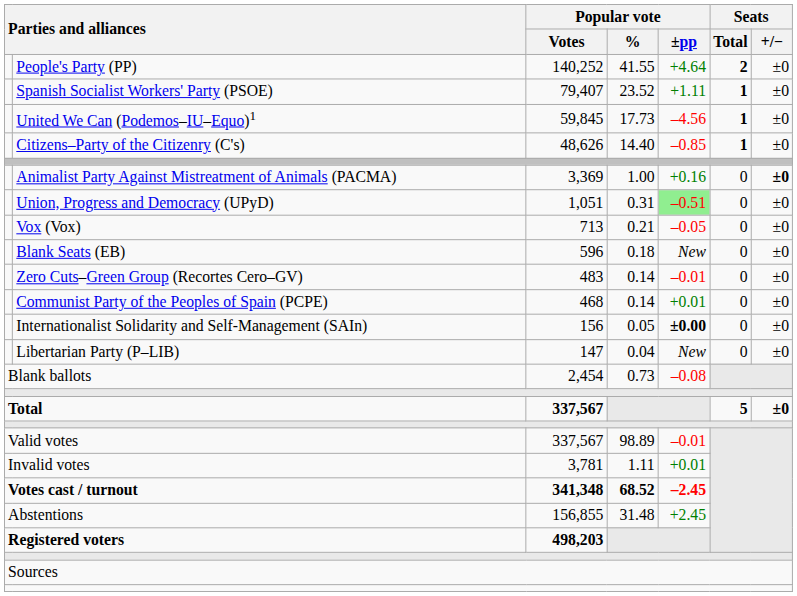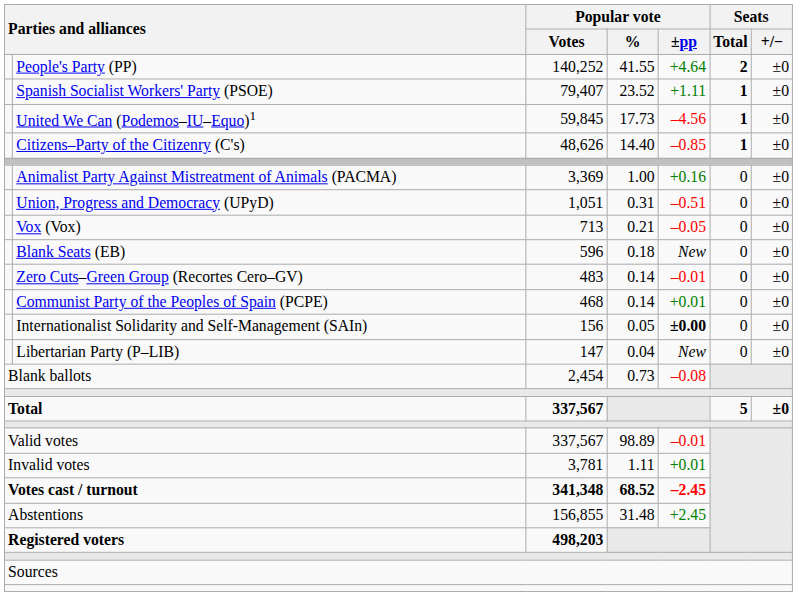 <table class="wikitable" style="text-align:right;">
 <tr>
 <th style="text-align:left;" rowspan="2" colspan="2" width="525">Parties and alliances</th>
 <th colspan="3">Popular vote</th>
 <th colspan="2">Seats</th>
 </tr>
 <tr>
 <th width="75">Votes</th>
 <th width="45">%</th>
 <th width="45">±<a href='#'>pp</a></th>
 <th width="35">Total</th>
 <th width="35">+/−</th>
 </tr>
 <tr>
 <td width="1" style="color:inherit;background:"></td>
 <td align="left"><a href='#'>People's Party</a> (PP)</td>
 <td>140,252</td>
 <td>41.55</td>
 <td style="color:green;">+4.64</td>
 <td><strong>2</strong></td>
 <td>±0</td>
 </tr>
 <tr>
 <td style="color:inherit;background:"></td>
 <td align="left"><a href='#'>Spanish Socialist Workers' Party</a> (PSOE)</td>
 <td>79,407</td>
 <td>23.52</td>
 <td style="color:green;">+1.11</td>
 <td><strong>1</strong></td>
 <td>±0</td>
 </tr>
 <tr>
 <td style="color:inherit;background:"></td>
 <td align="left"><a href='#'>United We Can</a> (<a href='#'>Podemos</a>–<a href='#'>IU</a>–<a href='#'>Equo</a>)<sup>1</sup></td>
 <td>59,845</td>
 <td>17.73</td>
 <td style="color:red;">–4.56</td>
 <td><strong>1</strong></td>
 <td>±0</td>
 </tr>
 <tr>
 <td style="color:inherit;background:"></td>
 <td align="left"><a href='#'>Citizens–Party of the Citizenry</a> (C's)</td>
 <td>48,626</td>
 <td>14.40</td>
 <td style="color:red;">–0.85</td>
 <td><strong>1</strong></td>
 <td>±0</td>
 </tr>
 <tr>
 <td colspan="7" bgcolor="#C0C0C0"></td>
 </tr>
 <tr>
 <td style="color:inherit;background:"></td>
 <td align="left"><a href='#'>Animalist Party Against Mistreatment of Animals</a> (PACMA)</td>
 <td>3,369</td>
 <td>1.00</td>
 <td style="color:green;">+0.16</td>
 <td>0</td>
-<td><strong>±0</strong></td>
+<td>±0</td>
 </tr>
 <tr>
 <td style="color:inherit;background:"></td>
 <td align="left"><a href='#'>Union, Progress and Democracy</a> (UPyD)</td>
 <td>1,051</td>
 <td>0.31</td>
-<td style="background: lightgreen; color:red;">–0.51</td>
+<td style="color:red;">–0.51</td>
 <td>0</td>
 <td>±0</td>
 </tr>
 <tr>
 <td style="color:inherit;background:"></td>
 <td align="left"><a href='#'>Vox</a> (Vox)</td>
 <td>713</td>
 <td>0.21</td>
 <td style="color:red;">–0.05</td>
 <td>0</td>
 <td>±0</td>
 </tr>
 <tr>
 <td style="color:inherit;background:"></td>
 <td align="left"><a href='#'>Blank Seats</a> (EB)</td>
 <td>596</td>
 <td>0.18</td>
 <td><em>New</em></td>
 <td>0</td>
 <td>±0</td>
 </tr>
 <tr>
 <td style="color:inherit;background:"></td>
 <td align="left"><a href='#'>Zero Cuts</a>–<a href='#'>Green Group</a> (Recortes Cero–GV)</td>
 <td>483</td>
 <td>0.14</td>
 <td style="color:red;">–0.01</td>
 <td>0</td>
 <td>±0</td>
 </tr>
 <tr>
 <td style="color:inherit;background:"></td>
 <td align="left"><a href='#'>Communist Party of the Peoples of Spain</a> (PCPE)</td>
 <td>468</td>
 <td>0.14</td>
 <td style="color:green;">+0.01</td>
 <td>0</td>
 <td>±0</td>
 </tr>
 <tr>
 <td style="color:inherit;background:"></td>
 <td align="left">Internationalist Solidarity and Self-Management (SAIn)</td>
 <td>156</td>
 <td>0.05</td>
 <td><strong>±0.00</strong></td>
 <td>0</td>
 <td>±0</td>
 </tr>
 <tr>
 <td style="color:inherit;background:"></td>
 <td align="left">Libertarian Party (P–LIB)</td>
 <td>147</td>
 <td>0.04</td>
 <td><em>New</em></td>
 <td>0</td>
 <td>±0</td>
 </tr>
 <tr>
 <td align="left" colspan="2">Blank ballots</td>
 <td>2,454</td>
 <td>0.73</td>
 <td style="color:red;">–0.08</td>
 <td bgcolor="#E9E9E9" colspan="2"></td>
 </tr>
 <tr>
 <td colspan="7" bgcolor="#E9E9E9"></td>
 </tr>
 <tr style="font-weight:bold;">
 <td align="left" colspan="2">Total</td>
 <td>337,567</td>
 <td bgcolor="#E9E9E9" colspan="2"></td>
 <td>5</td>
 <td>±0</td>
 </tr>
 <tr>
 <td colspan="7" bgcolor="#E9E9E9"></td>
 </tr>
 <tr>
 <td align="left" colspan="2">Valid votes</td>
 <td>337,567</td>
 <td>98.89</td>
 <td style="color:red;">–0.01</td>
 <td bgcolor="#E9E9E9" colspan="2" rowspan="5"></td>
 </tr>
 <tr>
 <td align="left" colspan="2">Invalid votes</td>
 <td>3,781</td>
 <td>1.11</td>
 <td style="color:green;">+0.01</td>
 </tr>
 <tr style="font-weight:bold;">
 <td align="left" colspan="2">Votes cast / turnout</td>
 <td>341,348</td>
 <td>68.52</td>
 <td style="color:red;">–2.45</td>
 </tr>
 <tr>
 <td align="left" colspan="2">Abstentions</td>
 <td>156,855</td>
 <td>31.48</td>
 <td style="color:green;">+2.45</td>
 </tr>
 <tr style="font-weight:bold;">
 <td align="left" colspan="2">Registered voters</td>
 <td>498,203</td>
 <td bgcolor="#E9E9E9" colspan="2"></td>
 </tr>
 <tr>
 <td colspan="7" bgcolor="#E9E9E9"></td>
 </tr>
 <tr>
 <td align="left" colspan="7">Sources</td>
 </tr>
 <tr>
 <td colspan="7" style="text-align:left; max-width:790px;"></td>
 </tr>
 </table>
